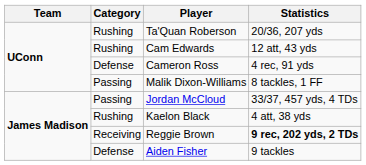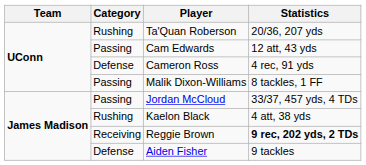 <table class="wikitable" style="float: right;">
 <tr>
 <th>Team</th>
 <th>Category</th>
 <th>Player</th>
 <th>Statistics</th>
 </tr>
 <tr>
 <td rowspan=4><strong>UConn</strong></td>
 <td>Rushing</td>
 <td>Ta'Quan Roberson</td>
 <td>20/36, 207 yds</td>
 </tr>
 <tr>
-<td>Rushing</td>
+<td>Passing</td>
 <td>Cam Edwards</td>
 <td>12 att, 43 yds</td>
 </tr>
 <tr>
 <td>Defense</td>
 <td>Cameron Ross</td>
 <td>4 rec, 91 yds</td>
 </tr>
 <tr>
 <td>Passing</td>
 <td>Malik Dixon-Williams</td>
 <td>8 tackles, 1 FF</td>
 </tr>
 <tr>
 <td rowspan=4><strong>James Madison</strong></td>
 <td>Passing</td>
 <td><a href='#'>Jordan McCloud</a></td>
 <td>33/37, 457 yds, 4 TDs</td>
 </tr>
 <tr>
 <td>Rushing</td>
 <td>Kaelon Black</td>
 <td>4 att, 38 yds</td>
 </tr>
 <tr>
 <td>Receiving</td>
 <td>Reggie Brown</td>
 <td><strong>9 rec, 202 yds, 2 TDs</strong></td>
 </tr>
 <tr>
 <td>Defense</td>
 <td><a href='#'>Aiden Fisher</a></td>
 <td>9 tackles</td>
 </tr>
 </table>
